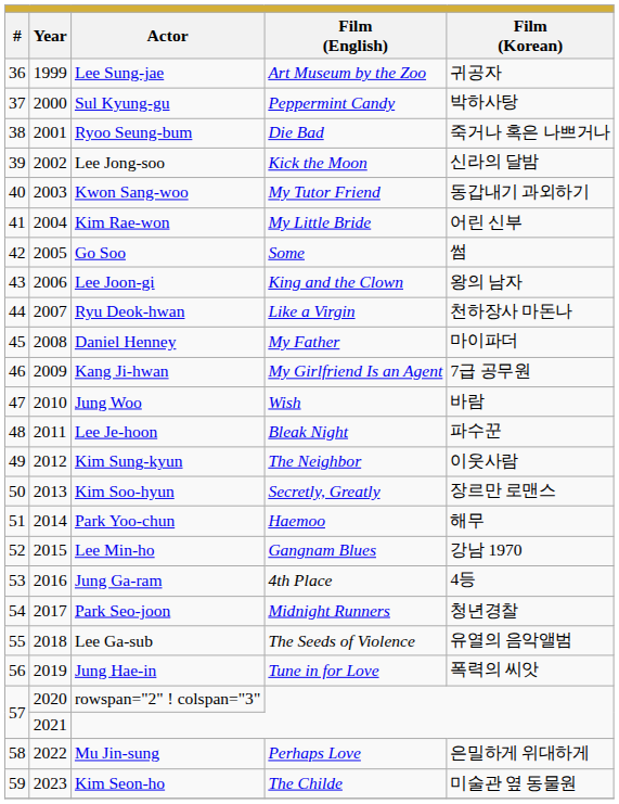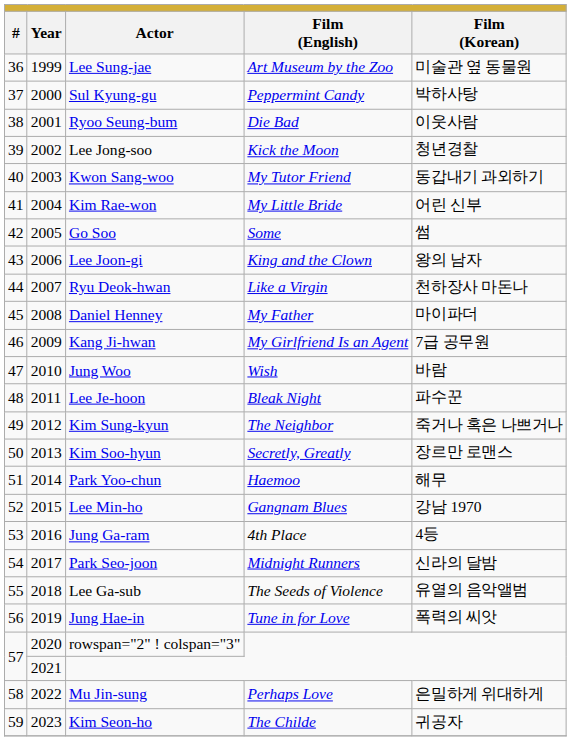 <table class="wikitable collapsible collapsed">
 <tr>
 <th colspan="5" style="background: #D4AF37;"></th>
 </tr>
 <tr>
 <th>#</th>
 <th>Year</th>
 <th>Actor</th>
 <th>Film<br>(English)</th>
 <th>Film<br>(Korean)</th>
 </tr>
 <tr>
 <td>36</td>
 <td>1999</td>
 <td><a href='#'>Lee Sung-jae</a></td>
 <td><em><a href='#'>Art Museum by the Zoo</a></em></td>
-<td>귀공자</td>
+<td>미술관 옆 동물원</td>
 </tr>
 <tr>
 <td>37</td>
 <td>2000</td>
 <td><a href='#'>Sul Kyung-gu</a></td>
 <td><em><a href='#'>Peppermint Candy</a></em></td>
 <td>박하사탕</td>
 </tr>
 <tr>
 <td>38</td>
 <td>2001</td>
 <td><a href='#'>Ryoo Seung-bum</a></td>
 <td><em><a href='#'>Die Bad</a></em></td>
-<td>죽거나 혹은 나쁘거나</td>
+<td>이웃사람</td>
 </tr>
 <tr>
 <td>39</td>
 <td>2002</td>
 <td>Lee Jong-soo</td>
 <td><em><a href='#'>Kick the Moon</a></em></td>
-<td>신라의 달밤</td>
+<td>청년경찰</td>
 </tr>
 <tr>
 <td>40</td>
 <td>2003</td>
 <td><a href='#'>Kwon Sang-woo</a></td>
 <td><em><a href='#'>My Tutor Friend</a></em></td>
 <td>동갑내기 과외하기</td>
 </tr>
 <tr>
 <td>41</td>
 <td>2004</td>
 <td><a href='#'>Kim Rae-won</a></td>
 <td><em><a href='#'>My Little Bride</a></em></td>
 <td>어린 신부</td>
 </tr>
 <tr>
 <td>42</td>
 <td>2005</td>
 <td><a href='#'>Go Soo</a></td>
 <td><em><a href='#'>Some</a></em></td>
 <td>썸</td>
 </tr>
 <tr>
 <td>43</td>
 <td>2006</td>
 <td><a href='#'>Lee Joon-gi</a></td>
 <td><em><a href='#'>King and the Clown</a></em></td>
 <td>왕의 남자</td>
 </tr>
 <tr>
 <td>44</td>
 <td>2007</td>
 <td><a href='#'>Ryu Deok-hwan</a></td>
 <td><em><a href='#'>Like a Virgin</a></em></td>
 <td>천하장사 마돈나</td>
 </tr>
 <tr>
 <td>45</td>
 <td>2008</td>
 <td><a href='#'>Daniel Henney</a></td>
 <td><em><a href='#'>My Father</a></em></td>
 <td>마이파더</td>
 </tr>
 <tr>
 <td>46</td>
 <td>2009</td>
 <td><a href='#'>Kang Ji-hwan</a></td>
 <td><em><a href='#'>My Girlfriend Is an Agent</a></em></td>
 <td>7급 공무원</td>
 </tr>
 <tr>
 <td>47</td>
 <td>2010</td>
 <td><a href='#'>Jung Woo</a></td>
 <td><em><a href='#'>Wish</a></em></td>
 <td>바람</td>
 </tr>
 <tr>
 <td>48</td>
 <td>2011</td>
 <td><a href='#'>Lee Je-hoon</a></td>
 <td><em><a href='#'>Bleak Night</a></em></td>
 <td>파수꾼</td>
 </tr>
 <tr>
 <td>49</td>
 <td>2012</td>
 <td><a href='#'>Kim Sung-kyun</a></td>
 <td><em><a href='#'>The Neighbor</a></em></td>
-<td>이웃사람</td>
+<td>죽거나 혹은 나쁘거나</td>
 </tr>
 <tr>
 <td>50</td>
 <td>2013</td>
 <td><a href='#'>Kim Soo-hyun</a></td>
 <td><em><a href='#'>Secretly, Greatly</a></em></td>
 <td>장르만 로맨스</td>
 </tr>
 <tr>
 <td>51</td>
 <td>2014</td>
 <td><a href='#'>Park Yoo-chun</a></td>
 <td><em><a href='#'>Haemoo</a></em></td>
 <td>해무</td>
 </tr>
 <tr>
 <td>52</td>
 <td>2015</td>
 <td><a href='#'>Lee Min-ho</a></td>
 <td><em><a href='#'>Gangnam Blues</a></em></td>
 <td>강남 1970</td>
 </tr>
 <tr>
 <td>53</td>
 <td>2016</td>
 <td><a href='#'>Jung Ga-ram</a></td>
 <td><em>4th Place</em></td>
 <td>4등</td>
 </tr>
 <tr>
 <td>54</td>
 <td>2017</td>
 <td><a href='#'>Park Seo-joon</a></td>
 <td><em><a href='#'>Midnight Runners</a></em></td>
-<td>청년경찰</td>
+<td>신라의 달밤</td>
 </tr>
 <tr>
 <td>55</td>
 <td>2018</td>
 <td>Lee Ga-sub</td>
 <td><em>The Seeds of Violence</em></td>
 <td>유열의 음악앨범</td>
 </tr>
 <tr>
 <td>56</td>
 <td>2019</td>
 <td><a href='#'>Jung Hae-in</a></td>
 <td><em><a href='#'>Tune in for Love</a></em></td>
 <td>폭력의 씨앗</td>
 </tr>
 <tr>
 <td rowspan="2">57</td>
 <td>2020</td>
 <td>rowspan="2" ! colspan="3" </td>
 </tr>
 <tr>
 <td>2021</td>
 </tr>
 <tr>
 <td>58</td>
 <td>2022</td>
 <td><a href='#'>Mu Jin-sung</a></td>
 <td><em><a href='#'>Perhaps Love</a></em></td>
 <td>은밀하게 위대하게</td>
 </tr>
 <tr>
 <td>59</td>
 <td>2023</td>
 <td><a href='#'>Kim Seon-ho</a></td>
 <td><em><a href='#'>The Childe</a></em></td>
-<td>미술관 옆 동물원</td>
+<td>귀공자</td>
 </tr>
 <tr>
 </tr>
 </table>
